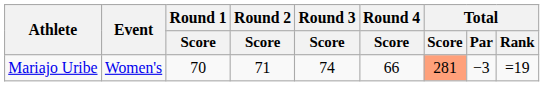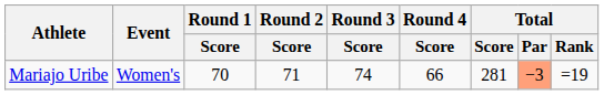 <table class=wikitable style="font-size:90%;">
 <tr>
 <th rowspan=2>Athlete</th>
 <th rowspan=2>Event</th>
 <th>Round 1</th>
 <th>Round 2</th>
 <th>Round 3</th>
 <th>Round 4</th>
 <th colspan=3>Total</th>
 </tr>
 <tr style="font-size:95%">
 <th>Score</th>
 <th>Score</th>
 <th>Score</th>
 <th>Score</th>
 <th>Score</th>
 <th>Par</th>
 <th>Rank</th>
 </tr>
 <tr align=center>
 <td align=left><a href='#'>Mariajo Uribe</a></td>
 <td align=left><a href='#'>Women's</a></td>
 <td>70</td>
 <td>71</td>
 <td>74</td>
 <td>66</td>
-<td style="background: lightsalmon;">281</td>
-<td>−3</td>
+<td>281</td>
+<td style="background: lightsalmon;">−3</td>
 <td>=19</td>
 </tr>
 </table>
